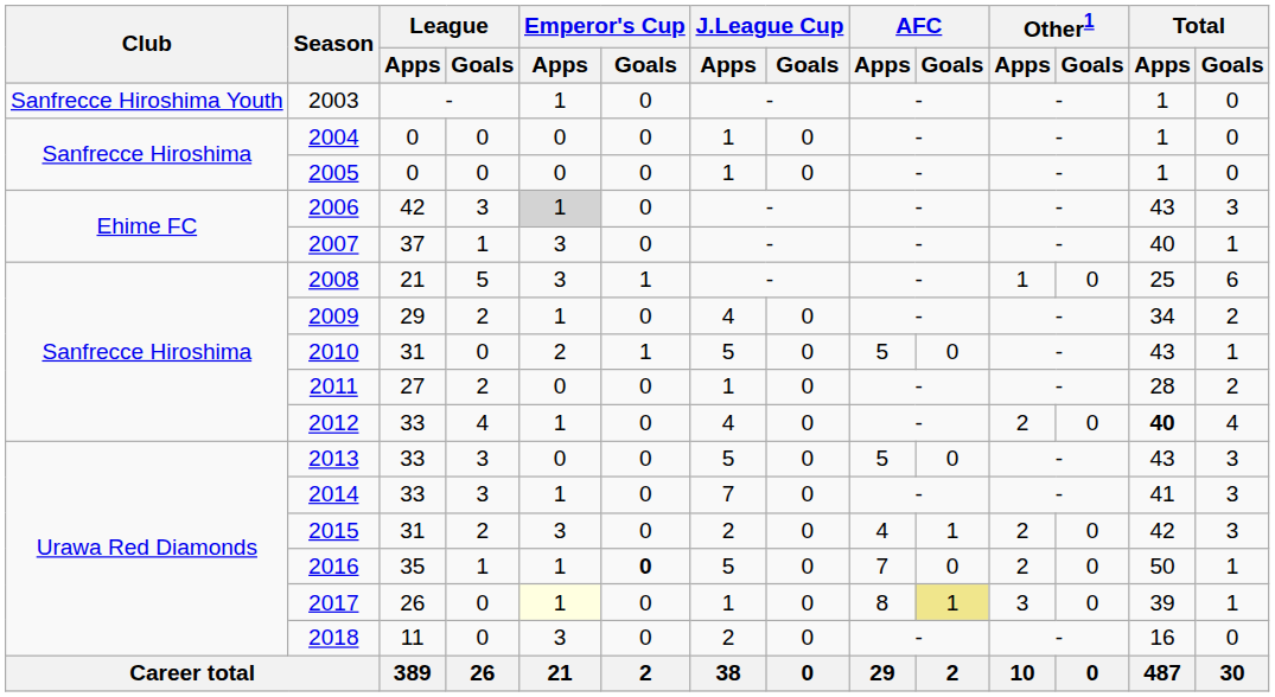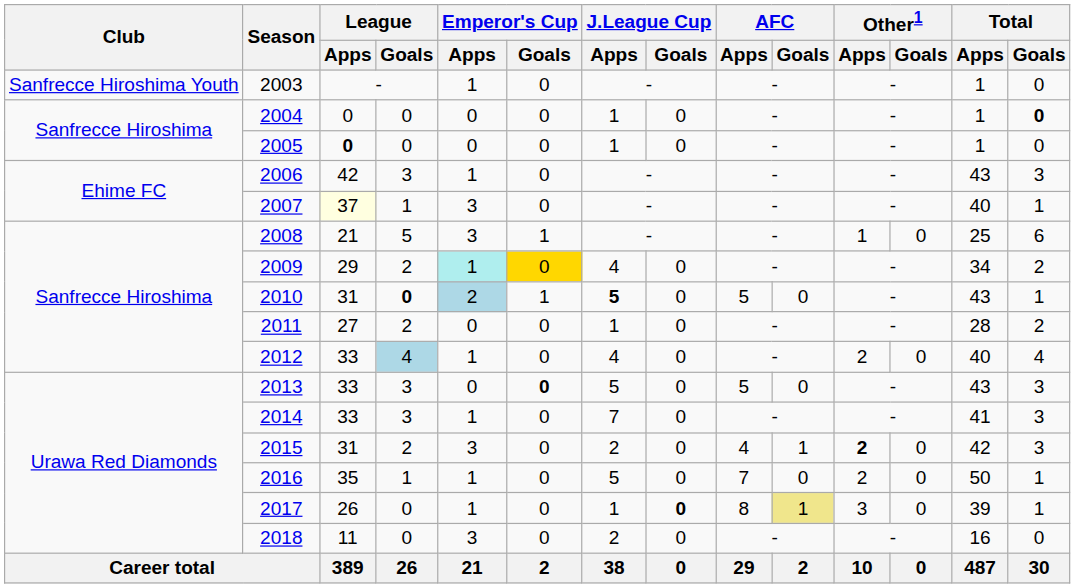 <table class="wikitable" style="text-align:center;">
 <tr>
 <th rowspan="2">Club</th>
 <th rowspan="2">Season</th>
 <th colspan="2">League</th>
 <th colspan="2"><a href='#'>Emperor's Cup</a></th>
 <th colspan="2"><a href='#'>J.League Cup</a></th>
 <th colspan="2"><a href='#'>AFC</a></th>
 <th colspan="2">Other<sup><a href='#'>1</a></sup></th>
 <th colspan="2">Total</th>
 </tr>
 <tr>
 <th>Apps</th>
 <th>Goals</th>
 <th>Apps</th>
 <th>Goals</th>
 <th>Apps</th>
 <th>Goals</th>
 <th>Apps</th>
 <th>Goals</th>
 <th>Apps</th>
 <th>Goals</th>
 <th>Apps</th>
 <th>Goals</th>
 </tr>
 <tr>
 <td><a href='#'>Sanfrecce Hiroshima Youth</a></td>
 <td>2003</td>
 <td colspan="2">-</td>
 <td>1</td>
 <td>0</td>
 <td colspan="2">-</td>
 <td colspan="2">-</td>
 <td colspan="2">-</td>
 <td>1</td>
 <td>0</td>
 </tr>
 <tr>
 <td rowspan="2"><a href='#'>Sanfrecce Hiroshima</a></td>
 <td><a href='#'>2004</a></td>
 <td>0</td>
 <td>0</td>
 <td>0</td>
 <td>0</td>
 <td>1</td>
 <td>0</td>
 <td colspan="2">-</td>
 <td colspan="2">-</td>
 <td>1</td>
-<td>0</td>
+<td><strong>0</strong></td>
 </tr>
 <tr>
 <td><a href='#'>2005</a></td>
-<td>0</td>
+<td><strong>0</strong></td>
 <td>0</td>
 <td>0</td>
 <td>0</td>
 <td>1</td>
 <td>0</td>
 <td colspan="2">-</td>
 <td colspan="2">-</td>
 <td>1</td>
 <td>0</td>
 </tr>
 <tr>
 <td rowspan="2"><a href='#'>Ehime FC</a></td>
 <td><a href='#'>2006</a></td>
 <td>42</td>
 <td>3</td>
-<td style="background: lightgrey;">1</td>
+<td>1</td>
 <td>0</td>
 <td colspan="2">-</td>
 <td colspan="2">-</td>
 <td colspan="2">-</td>
 <td>43</td>
 <td>3</td>
 </tr>
 <tr>
 <td><a href='#'>2007</a></td>
-<td>37</td>
+<td style="background: lightyellow;">37</td>
 <td>1</td>
 <td>3</td>
 <td>0</td>
 <td colspan="2">-</td>
 <td colspan="2">-</td>
 <td colspan="2">-</td>
 <td>40</td>
 <td>1</td>
 </tr>
 <tr>
 <td rowspan="5"><a href='#'>Sanfrecce Hiroshima</a></td>
 <td><a href='#'>2008</a></td>
 <td>21</td>
 <td>5</td>
 <td>3</td>
 <td>1</td>
 <td colspan="2">-</td>
 <td colspan="2">-</td>
 <td>1</td>
 <td>0</td>
 <td>25</td>
 <td>6</td>
 </tr>
 <tr>
 <td><a href='#'>2009</a></td>
 <td>29</td>
 <td>2</td>
-<td>1</td>
-<td>0</td>
+<td style="background: paleturquoise;">1</td>
+<td style="background: gold;">0</td>
 <td>4</td>
 <td>0</td>
 <td colspan="2">-</td>
 <td colspan="2">-</td>
 <td>34</td>
 <td>2</td>
 </tr>
 <tr>
 <td><a href='#'>2010</a></td>
 <td>31</td>
-<td>0</td>
-<td>2</td>
+<td><strong>0</strong></td>
+<td style="background: lightblue;">2</td>
 <td>1</td>
-<td>5</td>
+<td><strong>5</strong></td>
 <td>0</td>
 <td>5</td>
 <td>0</td>
 <td colspan="2">-</td>
 <td>43</td>
 <td>1</td>
 </tr>
 <tr>
 <td><a href='#'>2011</a></td>
 <td>27</td>
 <td>2</td>
 <td>0</td>
 <td>0</td>
 <td>1</td>
 <td>0</td>
 <td colspan="2">-</td>
 <td colspan="2">-</td>
 <td>28</td>
 <td>2</td>
 </tr>
 <tr>
 <td><a href='#'>2012</a></td>
 <td>33</td>
-<td>4</td>
+<td style="background: lightblue;">4</td>
 <td>1</td>
 <td>0</td>
 <td>4</td>
 <td>0</td>
 <td colspan="2">-</td>
 <td>2</td>
 <td>0</td>
-<td><strong>40</strong></td>
+<td>40</td>
 <td>4</td>
 </tr>
 <tr>
 <td rowspan="6"><a href='#'>Urawa Red Diamonds</a></td>
 <td><a href='#'>2013</a></td>
 <td>33</td>
 <td>3</td>
 <td>0</td>
-<td>0</td>
+<td><strong>0</strong></td>
 <td>5</td>
 <td>0</td>
 <td>5</td>
 <td>0</td>
 <td colspan="2">-</td>
 <td>43</td>
 <td>3</td>
 </tr>
 <tr>
 <td><a href='#'>2014</a></td>
 <td>33</td>
 <td>3</td>
 <td>1</td>
 <td>0</td>
 <td>7</td>
 <td>0</td>
 <td colspan="2">-</td>
 <td colspan="2">-</td>
 <td>41</td>
 <td>3</td>
 </tr>
 <tr>
 <td><a href='#'>2015</a></td>
 <td>31</td>
 <td>2</td>
 <td>3</td>
 <td>0</td>
 <td>2</td>
 <td>0</td>
 <td>4</td>
 <td>1</td>
-<td>2</td>
+<td><strong>2</strong></td>
 <td>0</td>
 <td>42</td>
 <td>3</td>
 </tr>
 <tr>
 <td><a href='#'>2016</a></td>
 <td>35</td>
 <td>1</td>
 <td>1</td>
-<td><strong>0</strong></td>
+<td>0</td>
 <td>5</td>
 <td>0</td>
 <td>7</td>
 <td>0</td>
 <td>2</td>
 <td>0</td>
 <td>50</td>
 <td>1</td>
 </tr>
 <tr>
 <td><a href='#'>2017</a></td>
 <td>26</td>
 <td>0</td>
-<td style="background: lightyellow;">1</td>
+<td>1</td>
 <td>0</td>
 <td>1</td>
-<td>0</td>
+<td><strong>0</strong></td>
 <td>8</td>
 <td style="background: khaki;">1</td>
 <td>3</td>
 <td>0</td>
 <td>39</td>
 <td>1</td>
 </tr>
 <tr>
 <td><a href='#'>2018</a></td>
 <td>11</td>
 <td>0</td>
 <td>3</td>
 <td>0</td>
 <td>2</td>
 <td>0</td>
 <td colspan="2">-</td>
 <td colspan="2">-</td>
 <td>16</td>
 <td>0</td>
 </tr>
 <tr>
 <th colspan="2">Career total</th>
 <th>389</th>
 <th>26</th>
 <th>21</th>
 <th>2</th>
 <th>38</th>
 <th>0</th>
 <th>29</th>
 <th>2</th>
 <th>10</th>
 <th>0</th>
 <th>487</th>
 <th>30</th>
 </tr>
 </table>
